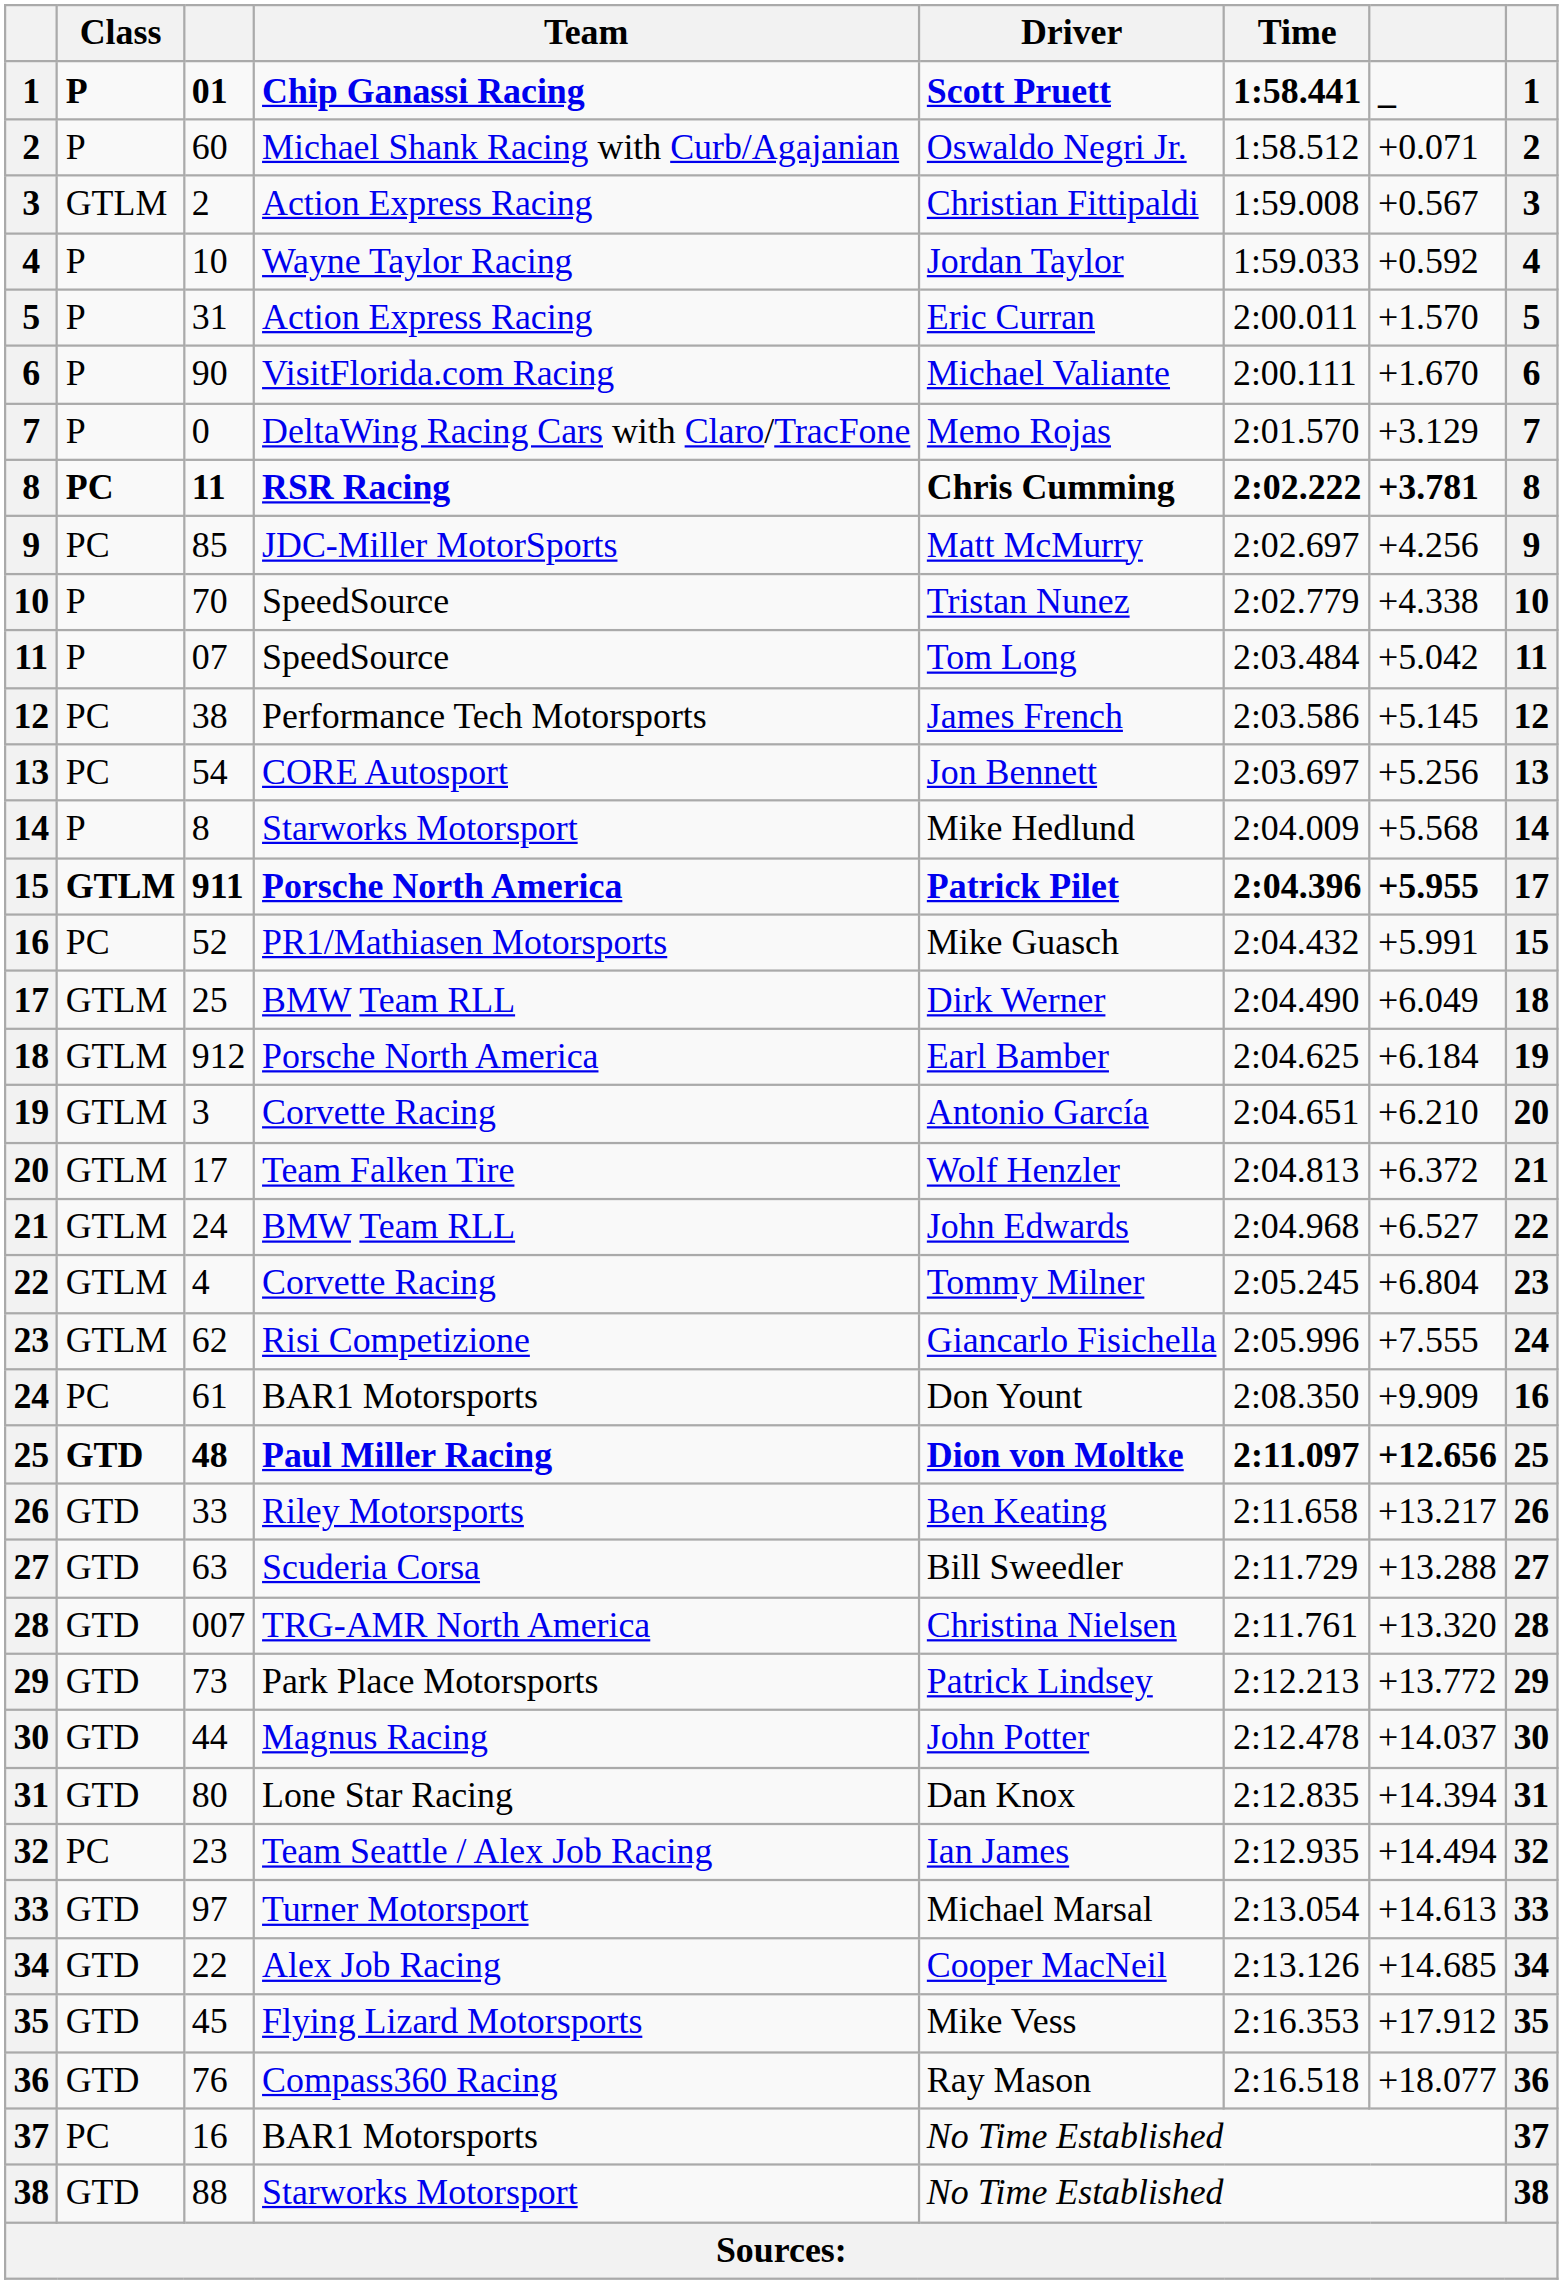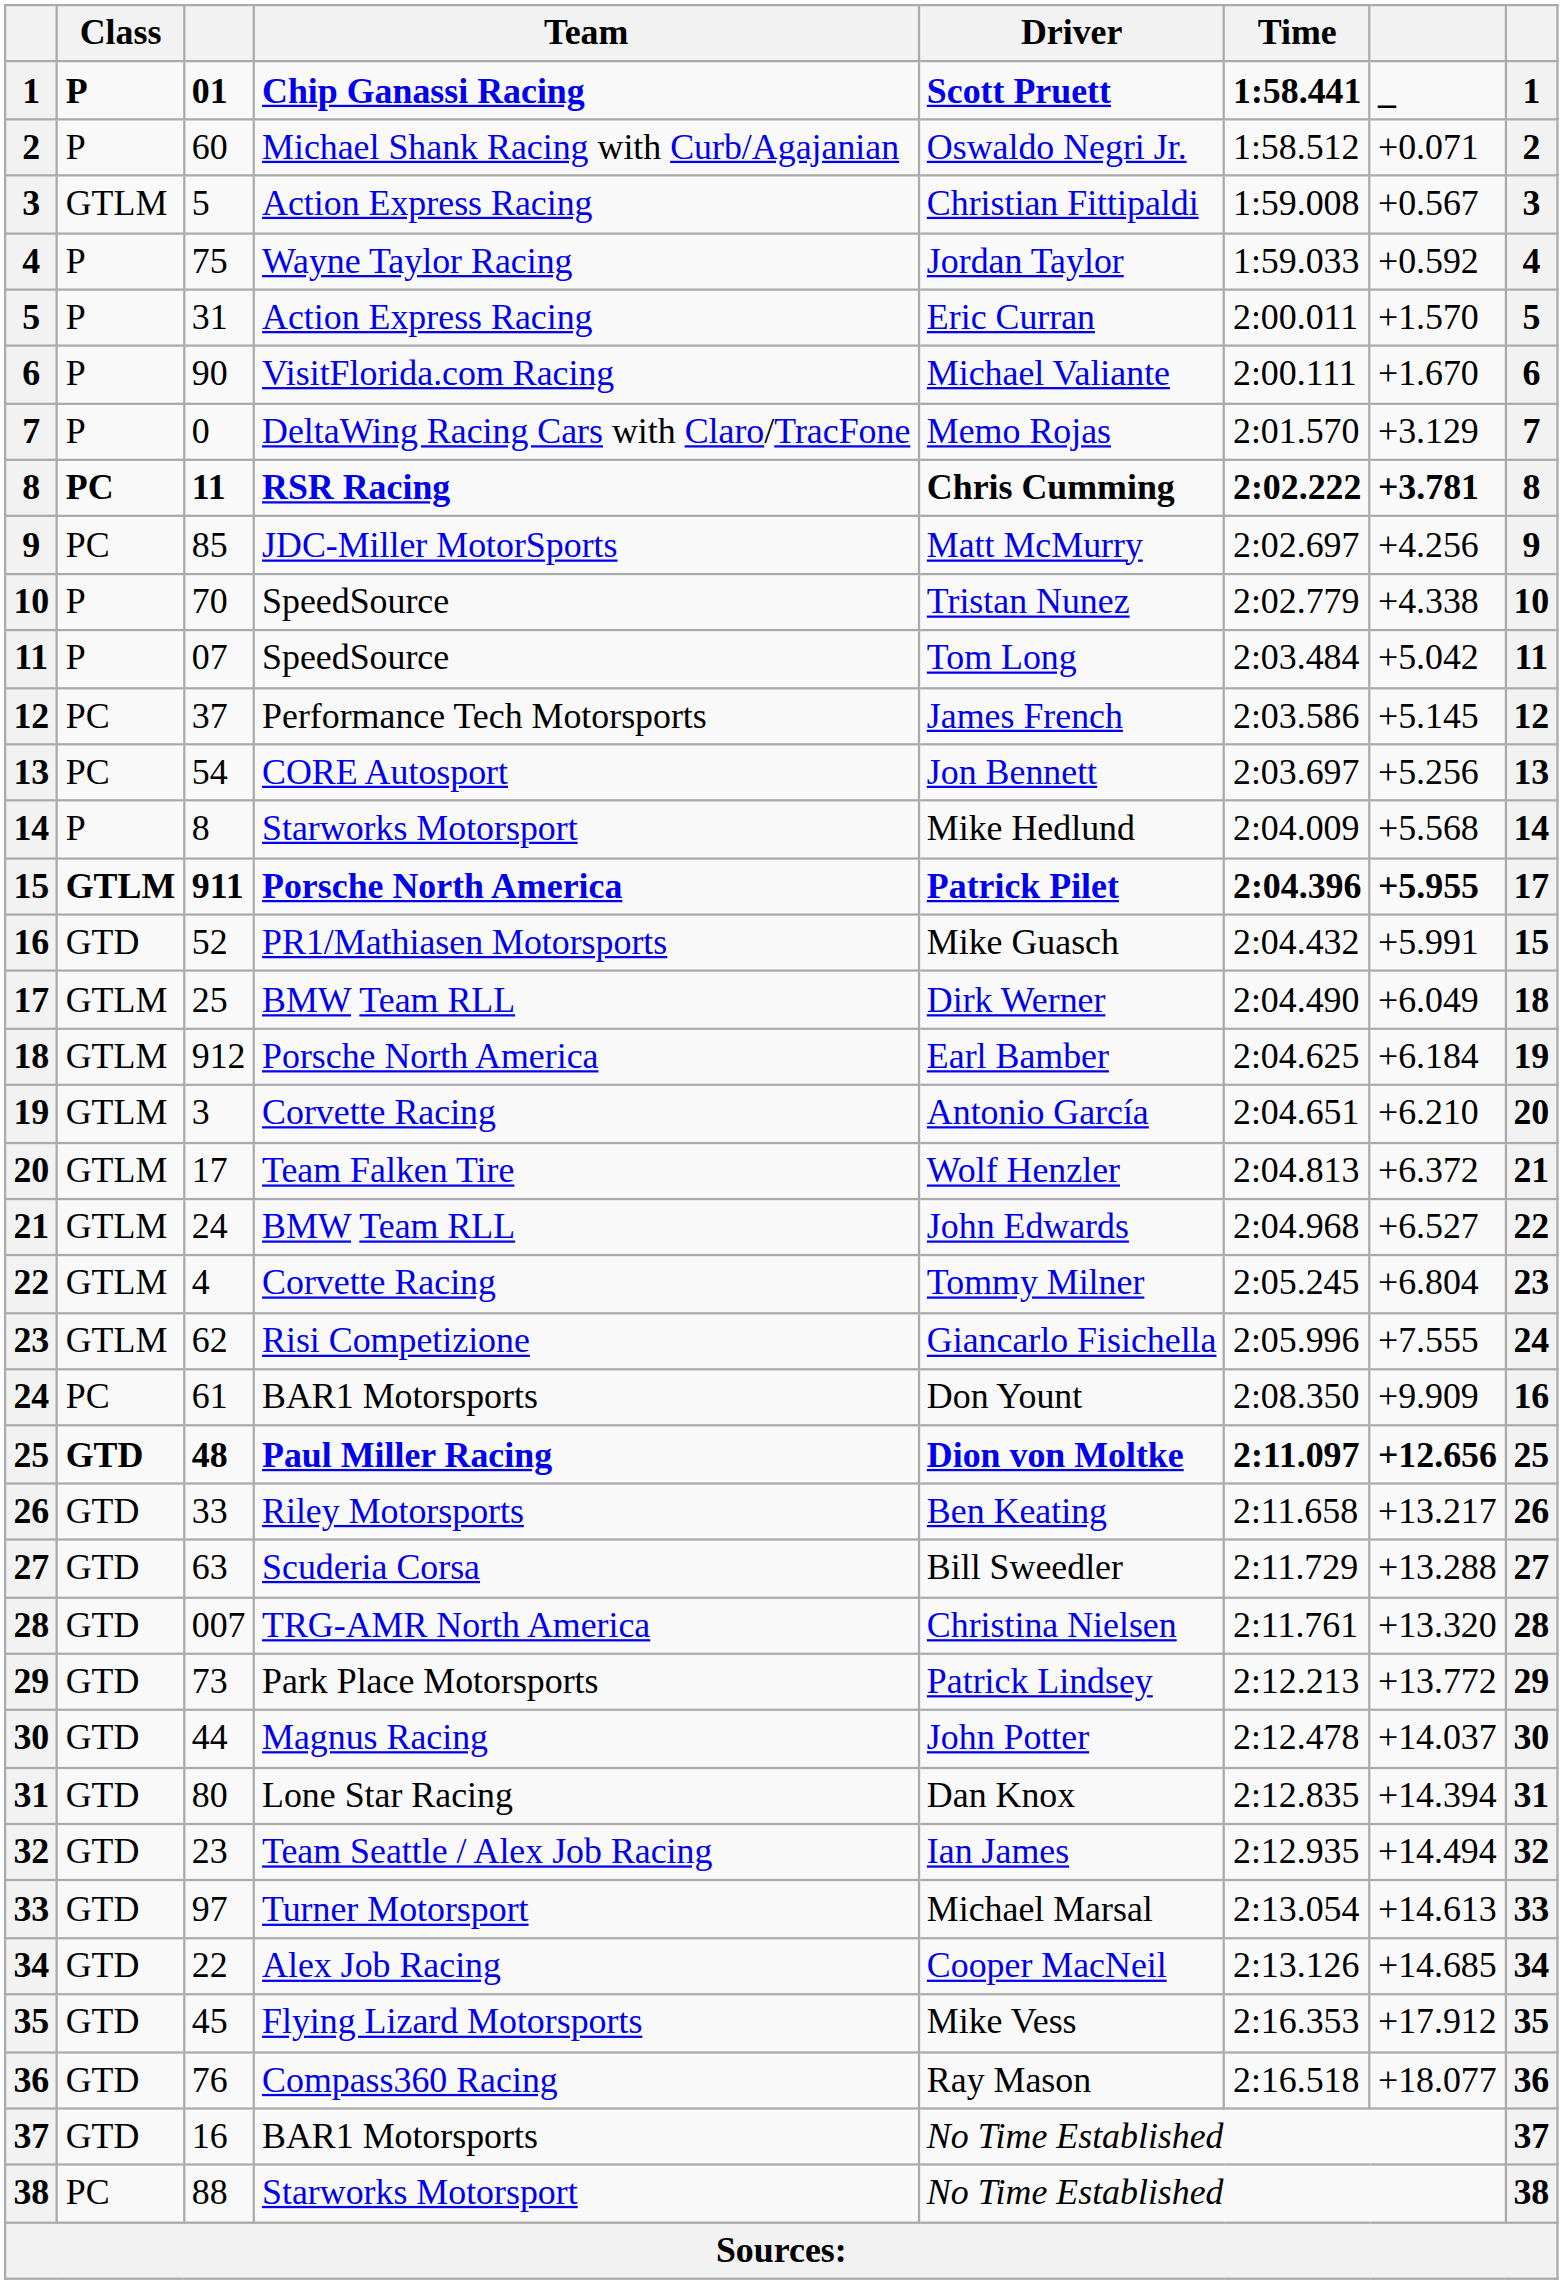 <table class="wikitable">
 <tr>
 <th></th>
 <th>Class</th>
 <th></th>
 <th>Team</th>
 <th>Driver</th>
 <th>Time</th>
 <th></th>
 <th></th>
 </tr>
 <tr>
 <th>1</th>
 <td><strong>P</strong></td>
 <td><strong>01</strong></td>
 <td><strong> <a href='#'>Chip Ganassi Racing</a></strong></td>
 <td><strong> <a href='#'>Scott Pruett</a></strong></td>
 <td><strong>1:58.441</strong></td>
 <td><strong>_</strong></td>
 <th>1</th>
 </tr>
 <tr>
 <th>2</th>
 <td>P</td>
 <td>60</td>
 <td> <a href='#'>Michael Shank Racing</a> with <a href='#'>Curb/Agajanian</a></td>
 <td> <a href='#'>Oswaldo Negri Jr.</a></td>
 <td>1:58.512</td>
 <td>+0.071</td>
 <th>2</th>
 </tr>
 <tr>
 <th>3</th>
 <td>GTLM</td>
-<td>2</td>
+<td>5</td>
 <td> <a href='#'>Action Express Racing</a></td>
 <td> <a href='#'>Christian Fittipaldi</a></td>
 <td>1:59.008</td>
 <td>+0.567</td>
 <th>3</th>
 </tr>
 <tr>
 <th>4</th>
 <td>P</td>
-<td>10</td>
+<td>75</td>
 <td> <a href='#'>Wayne Taylor Racing</a></td>
 <td> <a href='#'>Jordan Taylor</a></td>
 <td>1:59.033</td>
 <td>+0.592</td>
 <th>4</th>
 </tr>
 <tr>
 <th>5</th>
 <td>P</td>
 <td>31</td>
 <td> <a href='#'>Action Express Racing</a></td>
 <td> <a href='#'>Eric Curran</a></td>
 <td>2:00.011</td>
 <td>+1.570</td>
 <th>5</th>
 </tr>
 <tr>
 <th>6</th>
 <td>P</td>
 <td>90</td>
 <td> <a href='#'>VisitFlorida.com Racing</a></td>
 <td> <a href='#'>Michael Valiante</a></td>
 <td>2:00.111</td>
 <td>+1.670</td>
 <th>6</th>
 </tr>
 <tr>
 <th>7</th>
 <td>P</td>
 <td>0</td>
 <td> <a href='#'>DeltaWing Racing Cars</a> with <a href='#'>Claro</a>/<a href='#'>TracFone</a></td>
 <td> <a href='#'>Memo Rojas</a></td>
 <td>2:01.570</td>
 <td>+3.129</td>
 <th>7</th>
 </tr>
 <tr>
 <th>8</th>
 <td><strong>PC</strong></td>
 <td><strong>11</strong></td>
 <td><strong> <a href='#'>RSR Racing</a></strong></td>
 <td><strong> Chris Cumming</strong></td>
 <td><strong>2:02.222</strong></td>
 <td><strong>+3.781</strong></td>
 <th>8</th>
 </tr>
 <tr>
 <th>9</th>
 <td>PC</td>
 <td>85</td>
 <td> <a href='#'>JDC-Miller MotorSports</a></td>
 <td> <a href='#'>Matt McMurry</a></td>
 <td>2:02.697</td>
 <td>+4.256</td>
 <th>9</th>
 </tr>
 <tr>
 <th>10</th>
 <td>P</td>
 <td>70</td>
 <td> SpeedSource</td>
 <td> <a href='#'>Tristan Nunez</a></td>
 <td>2:02.779</td>
 <td>+4.338</td>
 <th>10</th>
 </tr>
 <tr>
 <th>11</th>
 <td>P</td>
 <td>07</td>
 <td> SpeedSource</td>
 <td> <a href='#'>Tom Long</a></td>
 <td>2:03.484</td>
 <td>+5.042</td>
 <th>11</th>
 </tr>
 <tr>
 <th>12</th>
 <td>PC</td>
-<td>38</td>
+<td>37</td>
 <td> Performance Tech Motorsports</td>
 <td> <a href='#'>James French</a></td>
 <td>2:03.586</td>
 <td>+5.145</td>
 <th>12</th>
 </tr>
 <tr>
 <th>13</th>
 <td>PC</td>
 <td>54</td>
 <td> <a href='#'>CORE Autosport</a></td>
 <td> <a href='#'>Jon Bennett</a></td>
 <td>2:03.697</td>
 <td>+5.256</td>
 <th>13</th>
 </tr>
 <tr>
 <th>14</th>
 <td>P</td>
 <td>8</td>
 <td> <a href='#'>Starworks Motorsport</a></td>
 <td> Mike Hedlund</td>
 <td>2:04.009</td>
 <td>+5.568</td>
 <th>14</th>
 </tr>
 <tr>
 <th>15</th>
 <td><strong>GTLM</strong></td>
 <td><strong>911</strong></td>
 <td><strong> <a href='#'>Porsche North America</a></strong></td>
 <td><strong> <a href='#'>Patrick Pilet</a></strong></td>
 <td><strong>2:04.396</strong></td>
 <td><strong>+5.955</strong></td>
 <th>17</th>
 </tr>
 <tr>
 <th>16</th>
-<td>PC</td>
+<td>GTD</td>
 <td>52</td>
 <td> <a href='#'>PR1/Mathiasen Motorsports</a></td>
 <td> Mike Guasch</td>
 <td>2:04.432</td>
 <td>+5.991</td>
 <th>15</th>
 </tr>
 <tr>
 <th>17</th>
 <td>GTLM</td>
 <td>25</td>
 <td> <a href='#'>BMW</a> <a href='#'>Team RLL</a></td>
 <td> <a href='#'>Dirk Werner</a></td>
 <td>2:04.490</td>
 <td>+6.049</td>
 <th>18</th>
 </tr>
 <tr>
 <th>18</th>
 <td>GTLM</td>
 <td>912</td>
 <td> <a href='#'>Porsche North America</a></td>
 <td> <a href='#'>Earl Bamber</a></td>
 <td>2:04.625</td>
 <td>+6.184</td>
 <th>19</th>
 </tr>
 <tr>
 <th>19</th>
 <td>GTLM</td>
 <td>3</td>
 <td> <a href='#'>Corvette Racing</a></td>
 <td> <a href='#'>Antonio García</a></td>
 <td>2:04.651</td>
 <td>+6.210</td>
 <th>20</th>
 </tr>
 <tr>
 <th>20</th>
 <td>GTLM</td>
 <td>17</td>
 <td> <a href='#'>Team Falken Tire</a></td>
 <td> <a href='#'>Wolf Henzler</a></td>
 <td>2:04.813</td>
 <td>+6.372</td>
 <th>21</th>
 </tr>
 <tr>
 <th>21</th>
 <td>GTLM</td>
 <td>24</td>
 <td> <a href='#'>BMW</a> <a href='#'>Team RLL</a></td>
 <td> <a href='#'>John Edwards</a></td>
 <td>2:04.968</td>
 <td>+6.527</td>
 <th>22</th>
 </tr>
 <tr>
 <th>22</th>
 <td>GTLM</td>
 <td>4</td>
 <td> <a href='#'>Corvette Racing</a></td>
 <td> <a href='#'>Tommy Milner</a></td>
 <td>2:05.245</td>
 <td>+6.804</td>
 <th>23</th>
 </tr>
 <tr>
 <th>23</th>
 <td>GTLM</td>
 <td>62</td>
 <td> <a href='#'>Risi Competizione</a></td>
 <td> <a href='#'>Giancarlo Fisichella</a></td>
 <td>2:05.996</td>
 <td>+7.555</td>
 <th>24</th>
 </tr>
 <tr>
 <th>24</th>
 <td>PC</td>
 <td>61</td>
 <td> BAR1 Motorsports</td>
 <td> Don Yount</td>
 <td>2:08.350</td>
 <td>+9.909</td>
 <th>16</th>
 </tr>
 <tr>
 <th>25</th>
 <td><strong>GTD</strong></td>
 <td><strong>48</strong></td>
 <td><strong> <a href='#'>Paul Miller Racing</a></strong></td>
 <td><strong> <a href='#'>Dion von Moltke</a></strong></td>
 <td><strong>2:11.097</strong></td>
 <td><strong>+12.656</strong></td>
 <th>25</th>
 </tr>
 <tr>
 <th>26</th>
 <td>GTD</td>
 <td>33</td>
 <td> <a href='#'>Riley Motorsports</a></td>
 <td> <a href='#'>Ben Keating</a></td>
 <td>2:11.658</td>
 <td>+13.217</td>
 <th>26</th>
 </tr>
 <tr>
 <th>27</th>
 <td>GTD</td>
 <td>63</td>
 <td> <a href='#'>Scuderia Corsa</a></td>
 <td> Bill Sweedler</td>
 <td>2:11.729</td>
 <td>+13.288</td>
 <th>27</th>
 </tr>
 <tr>
 <th>28</th>
 <td>GTD</td>
 <td>007</td>
 <td> <a href='#'>TRG-AMR North America</a></td>
 <td> <a href='#'>Christina Nielsen</a></td>
 <td>2:11.761</td>
 <td>+13.320</td>
 <th>28</th>
 </tr>
 <tr>
 <th>29</th>
 <td>GTD</td>
 <td>73</td>
 <td> Park Place Motorsports</td>
 <td> <a href='#'>Patrick Lindsey</a></td>
 <td>2:12.213</td>
 <td>+13.772</td>
 <th>29</th>
 </tr>
 <tr>
 <th>30</th>
 <td>GTD</td>
 <td>44</td>
 <td> <a href='#'>Magnus Racing</a></td>
 <td> <a href='#'>John Potter</a></td>
 <td>2:12.478</td>
 <td>+14.037</td>
 <th>30</th>
 </tr>
 <tr>
 <th>31</th>
 <td>GTD</td>
 <td>80</td>
 <td> Lone Star Racing</td>
 <td> Dan Knox</td>
 <td>2:12.835</td>
 <td>+14.394</td>
 <th>31</th>
 </tr>
 <tr>
 <th>32</th>
-<td>PC</td>
+<td>GTD</td>
 <td>23</td>
 <td> <a href='#'>Team Seattle / Alex Job Racing</a></td>
 <td> <a href='#'>Ian James</a></td>
 <td>2:12.935</td>
 <td>+14.494</td>
 <th>32</th>
 </tr>
 <tr>
 <th>33</th>
 <td>GTD</td>
 <td>97</td>
 <td> <a href='#'>Turner Motorsport</a></td>
 <td> Michael Marsal</td>
 <td>2:13.054</td>
 <td>+14.613</td>
 <th>33</th>
 </tr>
 <tr>
 <th>34</th>
 <td>GTD</td>
 <td>22</td>
 <td> <a href='#'>Alex Job Racing</a></td>
 <td> <a href='#'>Cooper MacNeil</a></td>
 <td>2:13.126</td>
 <td>+14.685</td>
 <th>34</th>
 </tr>
 <tr>
 <th>35</th>
 <td>GTD</td>
 <td>45</td>
 <td> <a href='#'>Flying Lizard Motorsports</a></td>
 <td> Mike Vess</td>
 <td>2:16.353</td>
 <td>+17.912</td>
 <th>35</th>
 </tr>
 <tr>
 <th>36</th>
 <td>GTD</td>
 <td>76</td>
 <td> <a href='#'>Compass360 Racing</a></td>
 <td> Ray Mason</td>
 <td>2:16.518</td>
 <td>+18.077</td>
 <th>36</th>
 </tr>
 <tr>
 <th>37</th>
-<td>PC</td>
+<td>GTD</td>
 <td>16</td>
 <td> BAR1 Motorsports</td>
 <td colspan="3"><em>No Time Established</em></td>
 <th>37</th>
 </tr>
 <tr>
 <th>38</th>
-<td>GTD</td>
+<td>PC</td>
 <td>88</td>
 <td> <a href='#'>Starworks Motorsport</a></td>
 <td colspan="3"><em>No Time Established</em></td>
 <th>38</th>
 </tr>
 <tr>
 <th colspan="8">Sources:</th>
 </tr>
 </table>
